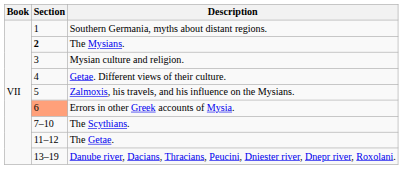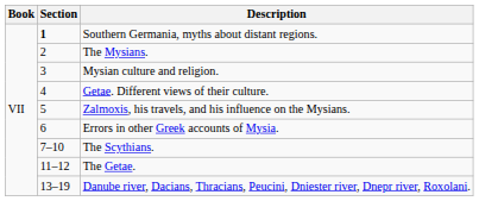 <table class="wikitable" style="max-width:45em;">
 <tr>
 <th>Book</th>
 <th>Section</th>
 <th>Description</th>
 </tr>
 <tr>
 <td rowspan="9">VII</td>
-<td>1</td>
+<td><strong>1</strong></td>
 <td>Southern Germania, myths about distant regions.</td>
 </tr>
 <tr>
-<td><strong>2</strong></td>
+<td>2</td>
 <td>The <a href='#'>Mysians</a>.</td>
 </tr>
 <tr>
 <td>3</td>
 <td>Mysian culture and religion.</td>
 </tr>
 <tr>
 <td>4</td>
 <td><a href='#'>Getae</a>.  Different views of their culture.</td>
 </tr>
 <tr>
 <td>5</td>
 <td><a href='#'>Zalmoxis</a>, his travels, and his influence on the Mysians.</td>
 </tr>
 <tr>
-<td style="background: lightsalmon;">6</td>
+<td>6</td>
 <td>Errors in other <a href='#'>Greek</a> accounts of <a href='#'>Mysia</a>.</td>
 </tr>
 <tr>
 <td>7–10</td>
 <td>The <a href='#'>Scythians</a>.</td>
 </tr>
 <tr>
 <td>11–12</td>
 <td>The <a href='#'>Getae</a>.</td>
 </tr>
 <tr>
 <td>13–19</td>
 <td><a href='#'>Danube river</a>, <a href='#'>Dacians</a>, <a href='#'>Thracians</a>, <a href='#'>Peucini</a>, <a href='#'>Dniester river</a>, <a href='#'>Dnepr river</a>, <a href='#'>Roxolani</a>.</td>
 </tr>
 </table>
